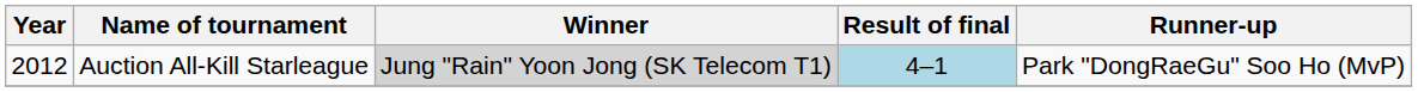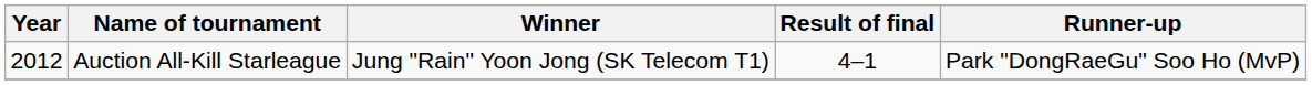 <table class="wikitable" style="text-align:center">
 <tr>
 <th>Year</th>
 <th>Name of tournament</th>
 <th>Winner</th>
 <th>Result of final</th>
 <th>Runner-up</th>
 </tr>
 <tr>
 <td>2012</td>
 <td>Auction All-Kill Starleague</td>
-<td style="background: lightgrey;">Jung "Rain" Yoon Jong (SK Telecom T1)</td>
-<td style="background: lightblue;">4–1</td>
+<td>Jung "Rain" Yoon Jong (SK Telecom T1)</td>
+<td>4–1</td>
 <td>Park "DongRaeGu" Soo Ho (MvP)</td>
 </tr>
 <tr>
 </tr>
 </table>
